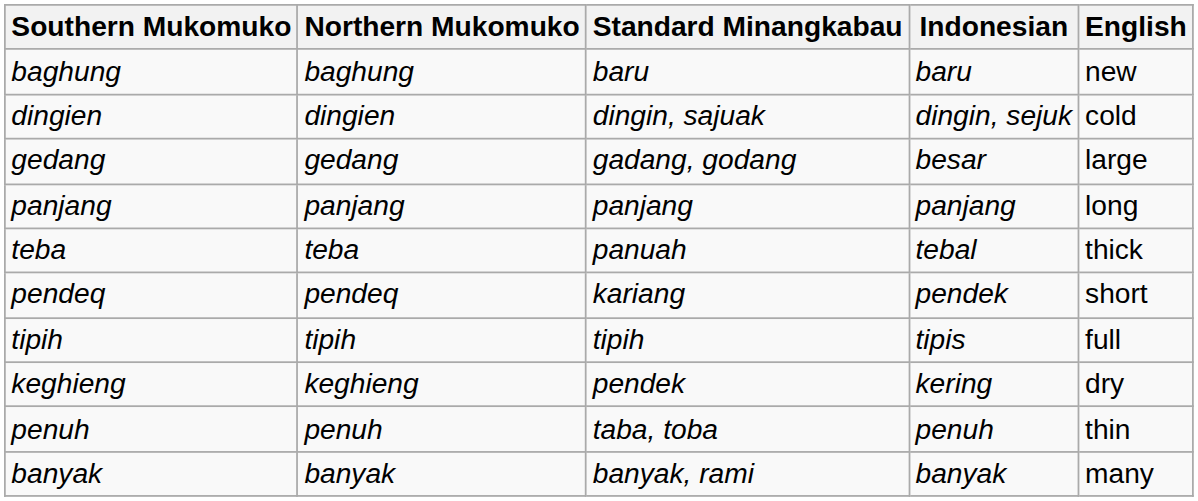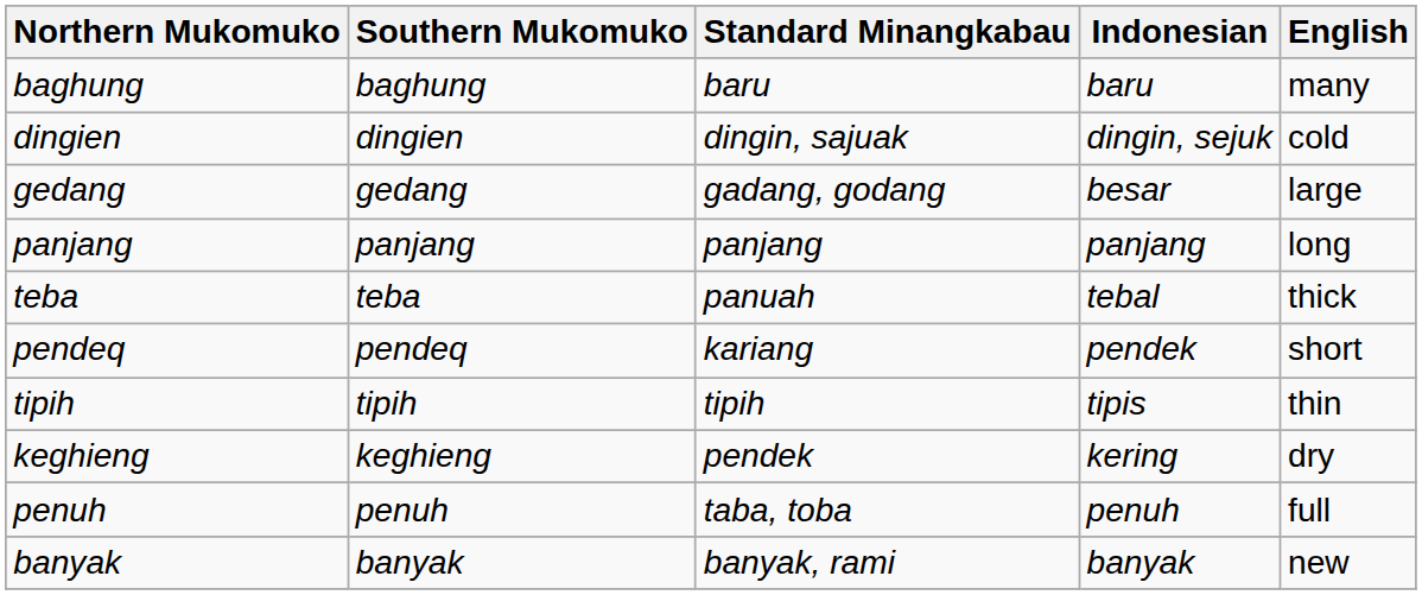 <table class="wikitable">
 <tr>
+<th>Northern Mukomuko</th>
 <th>Southern Mukomuko</th>
-<th>Northern Mukomuko</th>
 <th>Standard Minangkabau</th>
 <th>Indonesian</th>
 <th>English</th>
 </tr>
 <tr>
 <td><em>baghung</em></td>
 <td><em>baghung</em></td>
 <td><em>baru</em></td>
 <td><em>baru</em></td>
-<td>new</td>
+<td>many</td>
 </tr>
 <tr>
 <td><em>dingien</em></td>
 <td><em>dingien</em></td>
 <td><em>dingin, sajuak</em></td>
 <td><em>dingin, sejuk</em></td>
 <td>cold</td>
 </tr>
 <tr>
 <td><em>gedang</em></td>
 <td><em>gedang</em></td>
 <td><em>gadang, godang</em></td>
 <td><em>besar</em></td>
 <td>large</td>
 </tr>
 <tr>
 <td><em>panjang</em></td>
 <td><em>panjang</em></td>
 <td><em>panjang</em></td>
 <td><em>panjang</em></td>
 <td>long</td>
 </tr>
 <tr>
 <td><em>teba</em></td>
 <td><em>teba</em></td>
 <td><em>panuah</em></td>
 <td><em>tebal</em></td>
 <td>thick</td>
 </tr>
 <tr>
 <td><em>pendeq</em></td>
 <td><em>pendeq</em></td>
 <td><em>kariang</em></td>
 <td><em>pendek</em></td>
 <td>short</td>
 </tr>
 <tr>
 <td><em>tipih</em></td>
 <td><em>tipih</em></td>
 <td><em>tipih</em></td>
 <td><em>tipis</em></td>
-<td>full</td>
+<td>thin</td>
 </tr>
 <tr>
 <td><em>keghieng</em></td>
 <td><em>keghieng</em></td>
 <td><em>pendek</em></td>
 <td><em>kering</em></td>
 <td>dry</td>
 </tr>
 <tr>
 <td><em>penuh</em></td>
 <td><em>penuh</em></td>
 <td><em>taba, toba</em></td>
 <td><em>penuh</em></td>
-<td>thin</td>
+<td>full</td>
 </tr>
 <tr>
 <td><em>banyak</em></td>
 <td><em>banyak</em></td>
 <td><em>banyak, rami</em></td>
 <td><em>banyak</em></td>
-<td>many</td>
+<td>new</td>
 </tr>
 </table>
